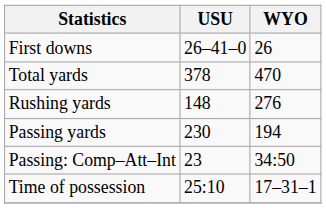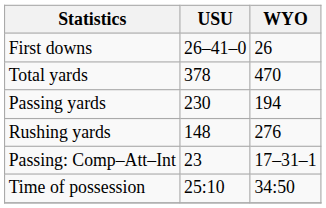 <table class="wikitable" style="float: left;">
 <tr>
 <th>Statistics</th>
 <th>USU</th>
 <th>WYO</th>
 </tr>
 <tr>
 <td>First downs</td>
 <td>26–41–0</td>
 <td>26</td>
 </tr>
 <tr>
 <td>Total yards</td>
 <td>378</td>
 <td>470</td>
 </tr>
 <tr>
+<td>Passing yards</td>
+<td>230</td>
+<td>194</td>
+</tr>
+<tr>
 <td>Rushing yards</td>
 <td>148</td>
 <td>276</td>
 </tr>
 <tr>
-<td>Passing yards</td>
-<td>230</td>
-<td>194</td>
-</tr>
-<tr>
 <td>Passing: Comp–Att–Int</td>
 <td>23</td>
-<td>34:50</td>
+<td>17–31–1</td>
 </tr>
 <tr>
 <td>Time of possession</td>
 <td>25:10</td>
-<td>17–31–1</td>
+<td>34:50</td>
 </tr>
 <tr>
 </tr>
 </table>
